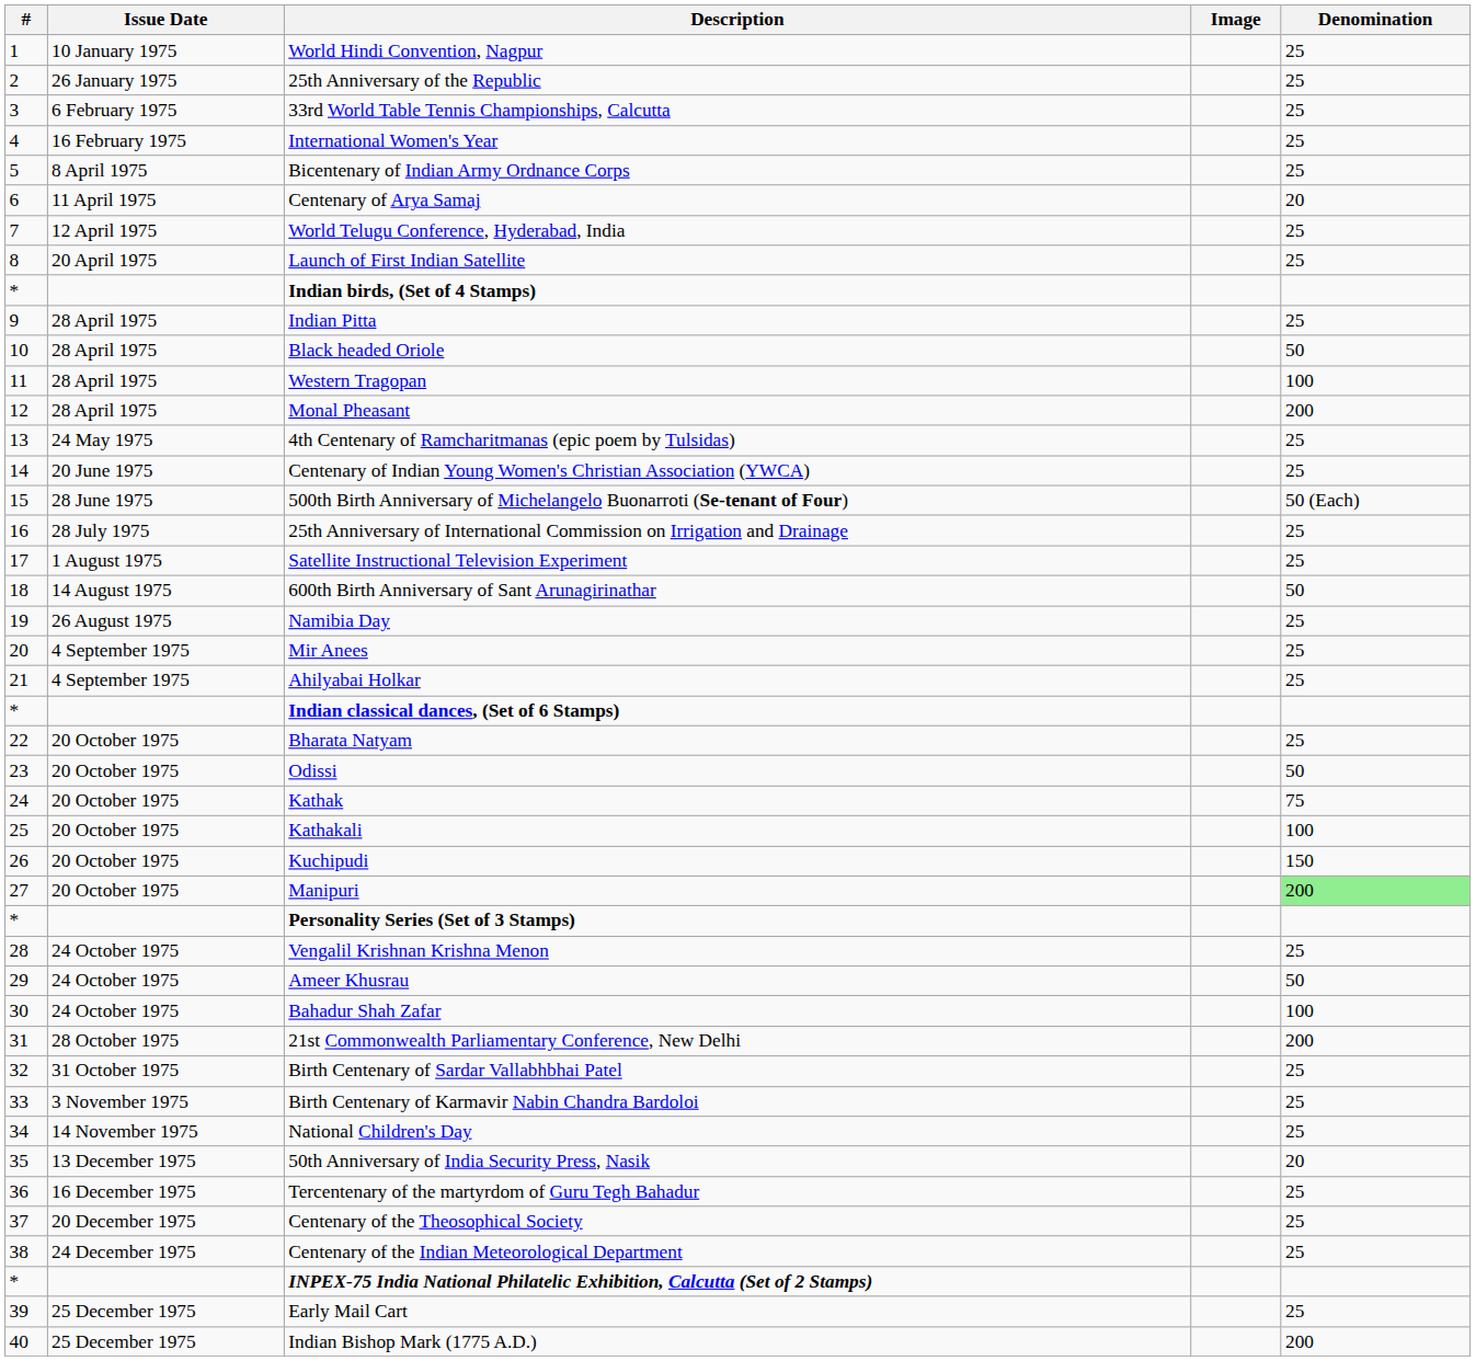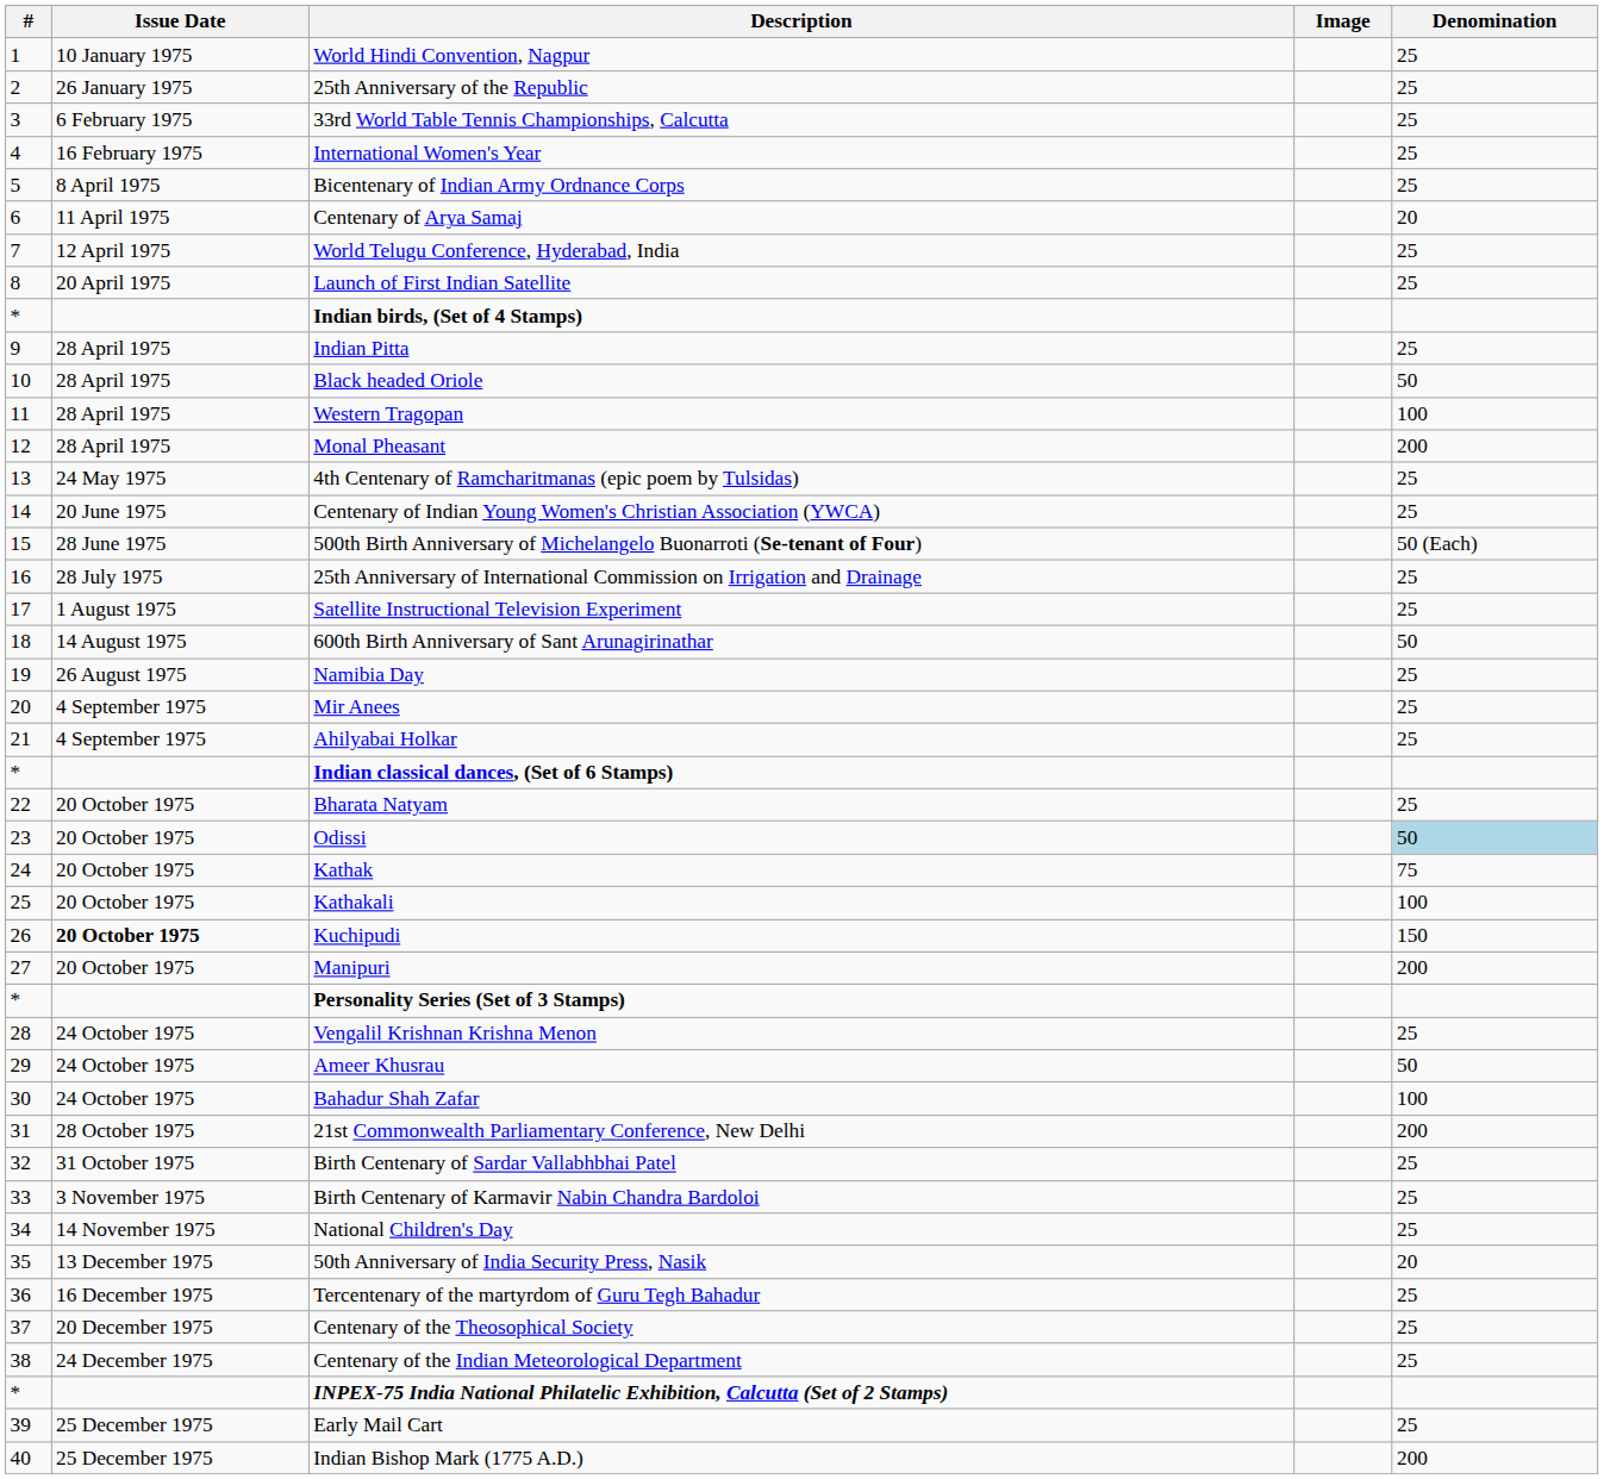 <table class = "wikitable"  style = "text-align:justify" width = "98%">
 <tr>
 <th>#</th>
 <th>Issue Date</th>
 <th>Description</th>
 <th>Image</th>
 <th>Denomination</th>
 </tr>
 <tr>
 <td>1</td>
 <td>10 January 1975</td>
 <td><a href='#'>World Hindi Convention</a>, <a href='#'>Nagpur</a></td>
 <td></td>
 <td>25</td>
 </tr>
 <tr>
 <td>2</td>
 <td>26 January 1975</td>
 <td>25th Anniversary of the <a href='#'>Republic</a></td>
 <td></td>
 <td>25</td>
 </tr>
 <tr>
 <td>3</td>
 <td>6 February 1975</td>
 <td>33rd <a href='#'>World Table Tennis Championships</a>, <a href='#'>Calcutta</a></td>
 <td></td>
 <td>25</td>
 </tr>
 <tr>
 <td>4</td>
 <td>16 February 1975</td>
 <td><a href='#'>International Women's Year</a></td>
 <td></td>
 <td>25</td>
 </tr>
 <tr>
 <td>5</td>
 <td>8 April 1975</td>
 <td>Bicentenary of <a href='#'>Indian Army Ordnance Corps</a></td>
 <td></td>
 <td>25</td>
 </tr>
 <tr>
 <td>6</td>
 <td>11 April 1975</td>
 <td>Centenary of <a href='#'>Arya Samaj</a></td>
 <td></td>
 <td>20</td>
 </tr>
 <tr>
 <td>7</td>
 <td>12 April 1975</td>
 <td><a href='#'>World Telugu Conference</a>, <a href='#'>Hyderabad</a>, India</td>
 <td></td>
 <td>25</td>
 </tr>
 <tr>
 <td>8</td>
 <td>20 April 1975</td>
 <td><a href='#'>Launch of First Indian Satellite</a></td>
 <td></td>
 <td>25</td>
 </tr>
 <tr>
 <td>*</td>
 <td></td>
 <td><strong>Indian birds, (Set of 4 Stamps)</strong></td>
 <td></td>
 <td></td>
 </tr>
 <tr>
 <td>9</td>
 <td>28 April 1975</td>
 <td><a href='#'>Indian Pitta</a></td>
 <td></td>
 <td>25</td>
 </tr>
 <tr>
 <td>10</td>
 <td>28 April 1975</td>
 <td><a href='#'>Black headed Oriole</a></td>
 <td></td>
 <td>50</td>
 </tr>
 <tr>
 <td>11</td>
 <td>28 April 1975</td>
 <td><a href='#'>Western Tragopan</a></td>
 <td></td>
 <td>100</td>
 </tr>
 <tr>
 <td>12</td>
 <td>28 April 1975</td>
 <td><a href='#'>Monal Pheasant</a></td>
 <td></td>
 <td>200</td>
 </tr>
 <tr>
 <td>13</td>
 <td>24 May 1975</td>
 <td>4th Centenary of <a href='#'>Ramcharitmanas</a> (epic poem by <a href='#'>Tulsidas</a>)</td>
 <td></td>
 <td>25</td>
 </tr>
 <tr>
 <td>14</td>
 <td>20 June 1975</td>
 <td>Centenary of Indian <a href='#'>Young Women's Christian Association</a> (<a href='#'>YWCA</a>)</td>
 <td></td>
 <td>25</td>
 </tr>
 <tr>
 <td>15</td>
 <td>28 June 1975</td>
 <td>500th Birth Anniversary of <a href='#'>Michelangelo</a> Buonarroti (<strong>Se-tenant of Four</strong>)</td>
 <td></td>
 <td>50 (Each)</td>
 </tr>
 <tr>
 <td>16</td>
 <td>28 July 1975</td>
 <td>25th Anniversary of International Commission on <a href='#'>Irrigation</a> and <a href='#'>Drainage</a></td>
 <td></td>
 <td>25</td>
 </tr>
 <tr>
 <td>17</td>
 <td>1 August 1975</td>
 <td><a href='#'>Satellite Instructional Television Experiment</a></td>
 <td></td>
 <td>25</td>
 </tr>
 <tr>
 <td>18</td>
 <td>14 August 1975</td>
 <td>600th Birth Anniversary of Sant <a href='#'>Arunagirinathar</a></td>
 <td></td>
 <td>50</td>
 </tr>
 <tr>
 <td>19</td>
 <td>26 August 1975</td>
 <td><a href='#'>Namibia Day</a></td>
 <td></td>
 <td>25</td>
 </tr>
 <tr>
 <td>20</td>
 <td>4 September 1975</td>
 <td><a href='#'>Mir Anees</a></td>
 <td></td>
 <td>25</td>
 </tr>
 <tr>
 <td>21</td>
 <td>4 September 1975</td>
 <td><a href='#'>Ahilyabai Holkar</a></td>
 <td></td>
 <td>25</td>
 </tr>
 <tr>
 <td>*</td>
 <td></td>
 <td><strong><a href='#'>Indian classical dances</a>, (Set of 6 Stamps)</strong></td>
 <td></td>
 <td></td>
 </tr>
 <tr>
 <td>22</td>
 <td>20 October 1975</td>
 <td><a href='#'>Bharata Natyam</a></td>
 <td></td>
 <td>25</td>
 </tr>
 <tr>
 <td>23</td>
 <td>20 October 1975</td>
 <td><a href='#'>Odissi</a></td>
 <td></td>
-<td>50</td>
+<td style="background: lightblue;">50</td>
 </tr>
 <tr>
 <td>24</td>
 <td>20 October 1975</td>
 <td><a href='#'>Kathak</a></td>
 <td></td>
 <td>75</td>
 </tr>
 <tr>
 <td>25</td>
 <td>20 October 1975</td>
 <td><a href='#'>Kathakali</a></td>
 <td></td>
 <td>100</td>
 </tr>
 <tr>
 <td>26</td>
-<td>20 October 1975</td>
+<td><strong>20 October 1975</strong></td>
 <td><a href='#'>Kuchipudi</a></td>
 <td></td>
 <td>150</td>
 </tr>
 <tr>
 <td>27</td>
 <td>20 October 1975</td>
 <td><a href='#'>Manipuri</a></td>
 <td></td>
-<td style="background: lightgreen;">200</td>
+<td>200</td>
 </tr>
 <tr>
 <td>*</td>
 <td></td>
 <td><strong>Personality Series (Set of 3 Stamps)</strong></td>
 <td></td>
 <td></td>
 </tr>
 <tr>
 <td>28</td>
 <td>24 October 1975</td>
 <td><a href='#'>Vengalil Krishnan Krishna Menon</a></td>
 <td></td>
 <td>25</td>
 </tr>
 <tr>
 <td>29</td>
 <td>24 October 1975</td>
 <td><a href='#'>Ameer Khusrau</a></td>
 <td></td>
 <td>50</td>
 </tr>
 <tr>
 <td>30</td>
 <td>24 October 1975</td>
 <td><a href='#'>Bahadur Shah Zafar</a></td>
 <td></td>
 <td>100</td>
 </tr>
 <tr>
 <td>31</td>
 <td>28 October 1975</td>
 <td>21st <a href='#'>Commonwealth Parliamentary Conference</a>, New Delhi</td>
 <td></td>
 <td>200</td>
 </tr>
 <tr>
 <td>32</td>
 <td>31 October 1975</td>
 <td>Birth Centenary of <a href='#'>Sardar Vallabhbhai Patel</a></td>
 <td></td>
 <td>25</td>
 </tr>
 <tr>
 <td>33</td>
 <td>3 November 1975</td>
 <td>Birth Centenary of Karmavir <a href='#'>Nabin Chandra Bardoloi</a></td>
 <td></td>
 <td>25</td>
 </tr>
 <tr>
 <td>34</td>
 <td>14 November 1975</td>
 <td>National <a href='#'>Children's Day</a></td>
 <td></td>
 <td>25</td>
 </tr>
 <tr>
 <td>35</td>
 <td>13 December 1975</td>
 <td>50th Anniversary of <a href='#'>India Security Press</a>, <a href='#'>Nasik</a></td>
 <td></td>
 <td>20</td>
 </tr>
 <tr>
 <td>36</td>
 <td>16 December 1975</td>
 <td>Tercentenary of the martyrdom of <a href='#'>Guru Tegh Bahadur</a></td>
 <td></td>
 <td>25</td>
 </tr>
 <tr>
 <td>37</td>
 <td>20 December 1975</td>
 <td>Centenary of the <a href='#'>Theosophical Society</a></td>
 <td></td>
 <td>25</td>
 </tr>
 <tr>
 <td>38</td>
 <td>24 December 1975</td>
 <td>Centenary of the <a href='#'>Indian Meteorological Department</a></td>
 <td></td>
 <td>25</td>
 </tr>
 <tr>
 <td>*</td>
 <td></td>
 <td><strong><em>INPEX-75<em> India National Philatelic Exhibition, <a href='#'>Calcutta</a> (Set of 2 Stamps)<strong></td>
 <td></td>
 <td></td>
 </tr>
 <tr>
 <td>39</td>
 <td>25 December 1975</td>
 <td>Early Mail Cart</td>
 <td></td>
 <td>25</td>
 </tr>
 <tr>
 <td>40</td>
 <td>25 December 1975</td>
 <td>Indian Bishop Mark (1775 A.D.)</td>
 <td></td>
 <td>200</td>
 </tr>
 <tr>
 </tr>
 </table>
